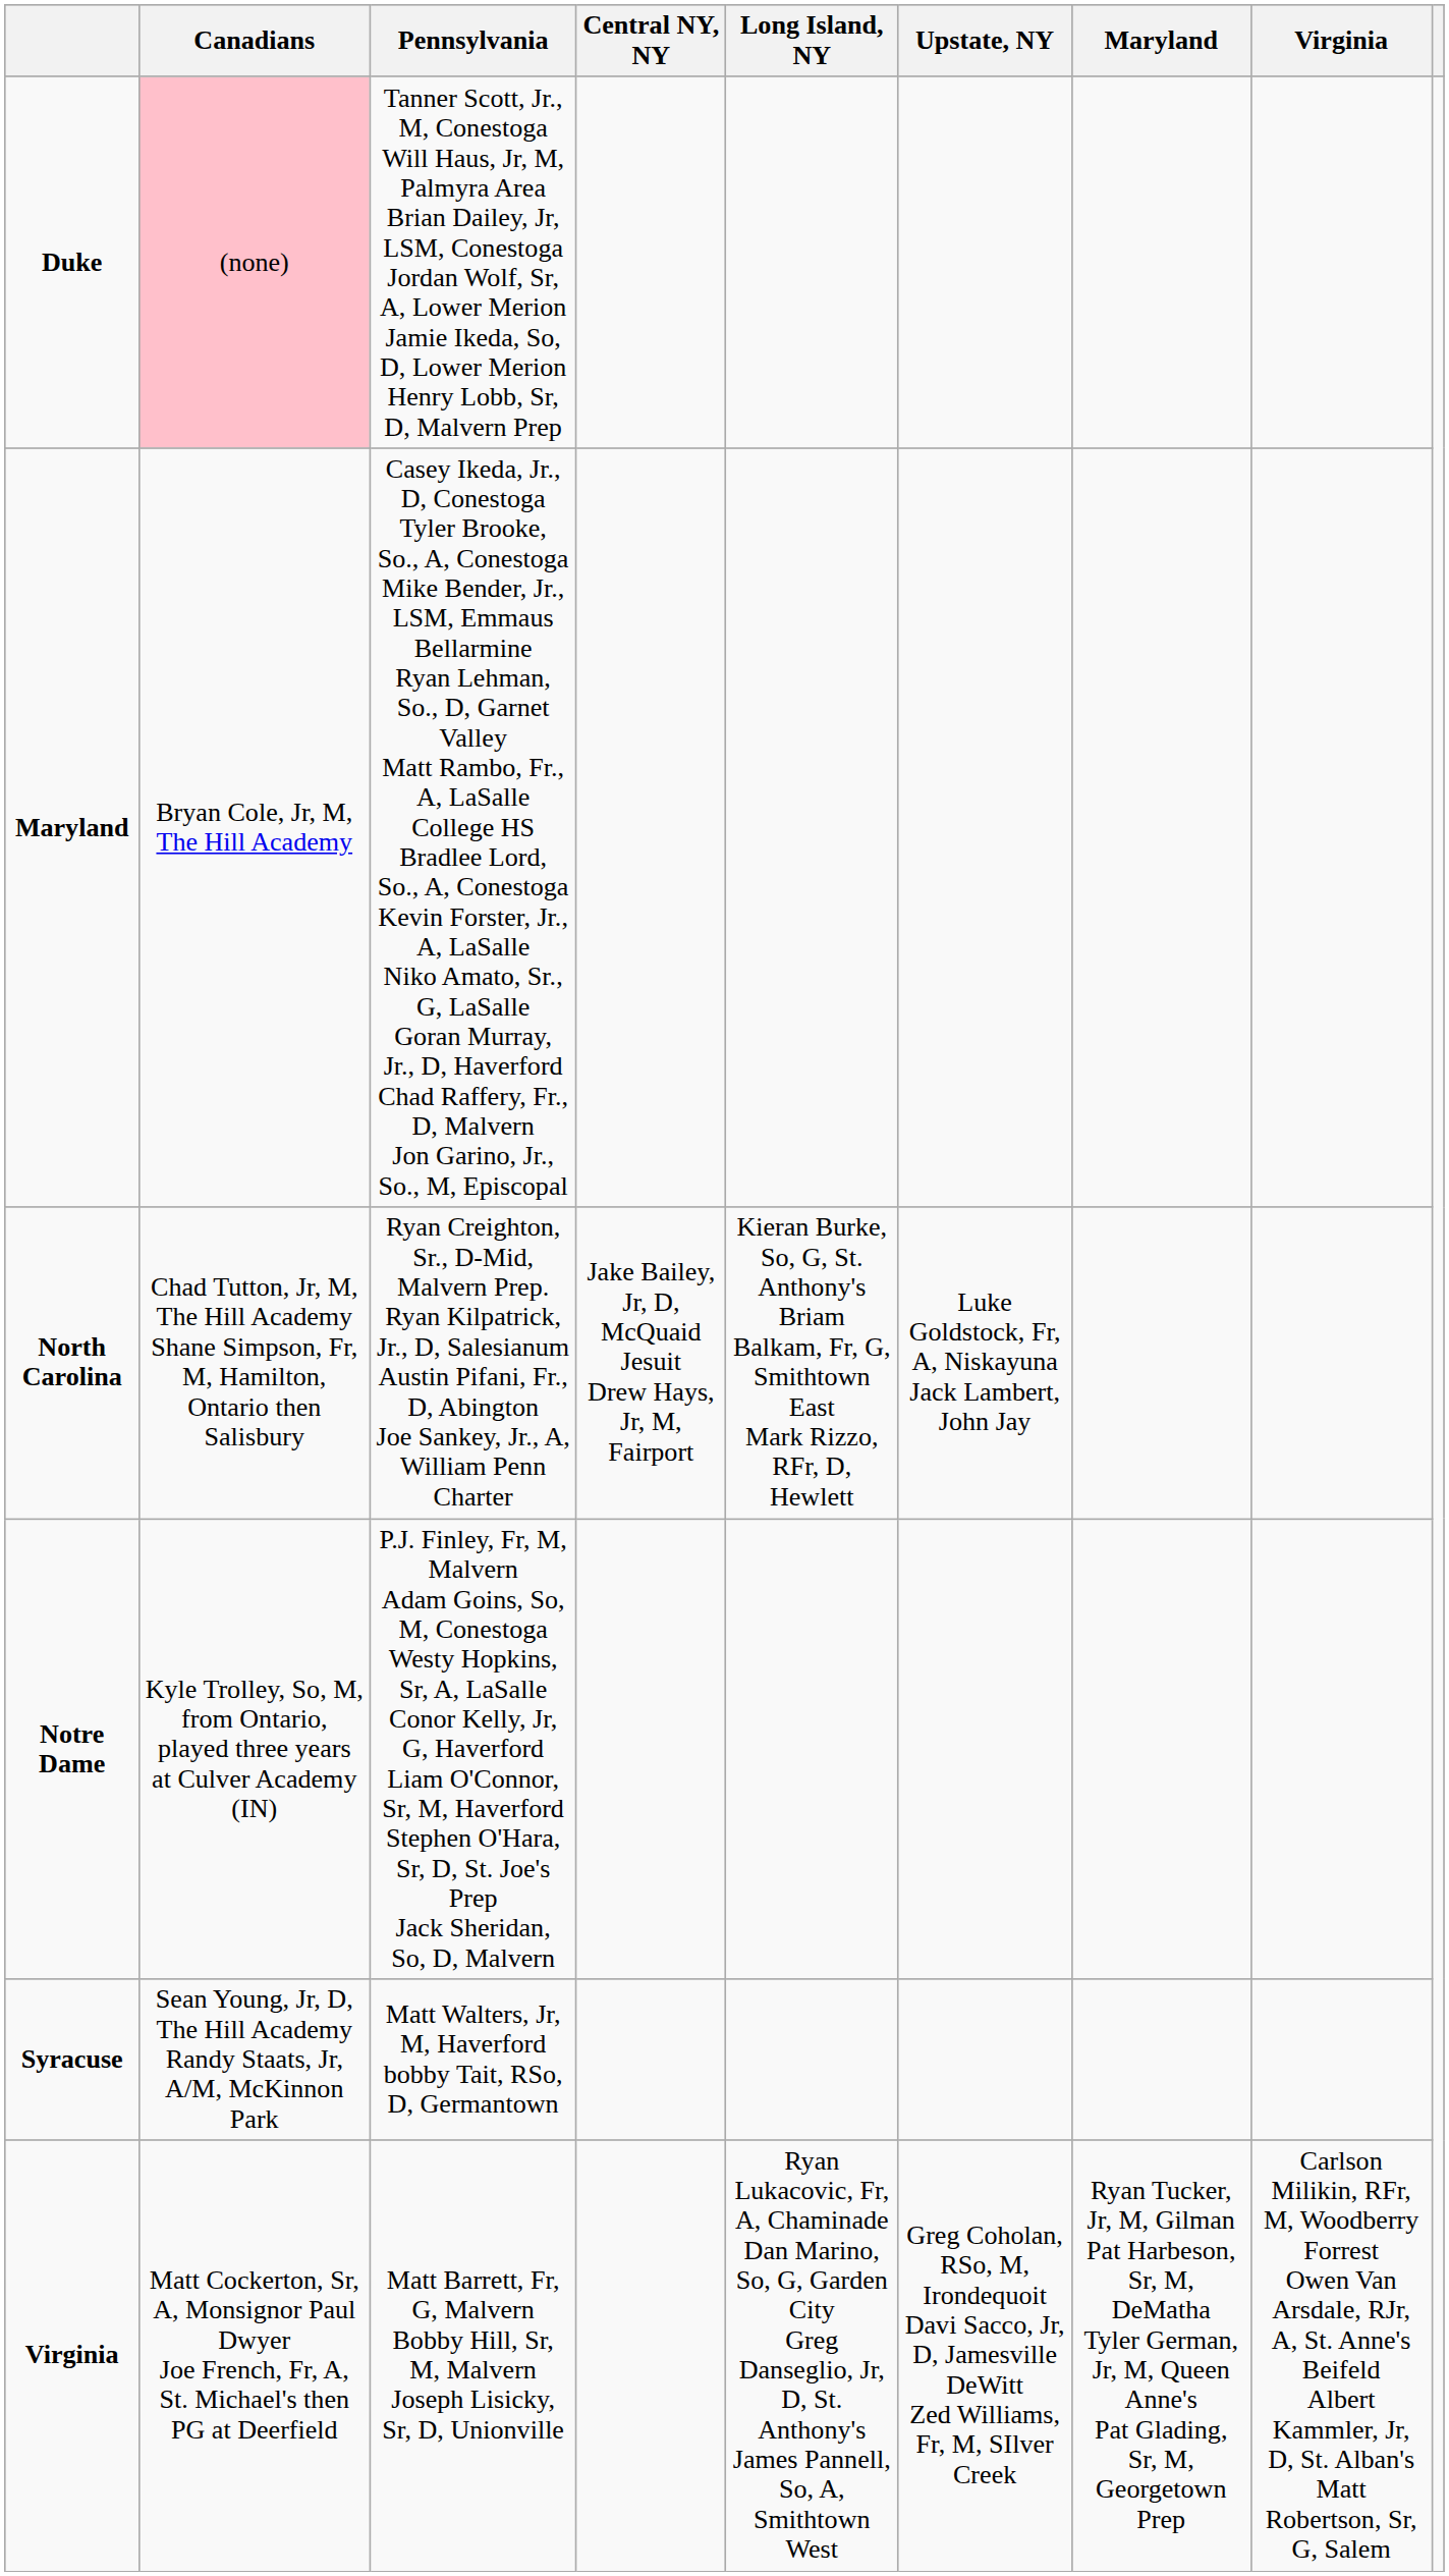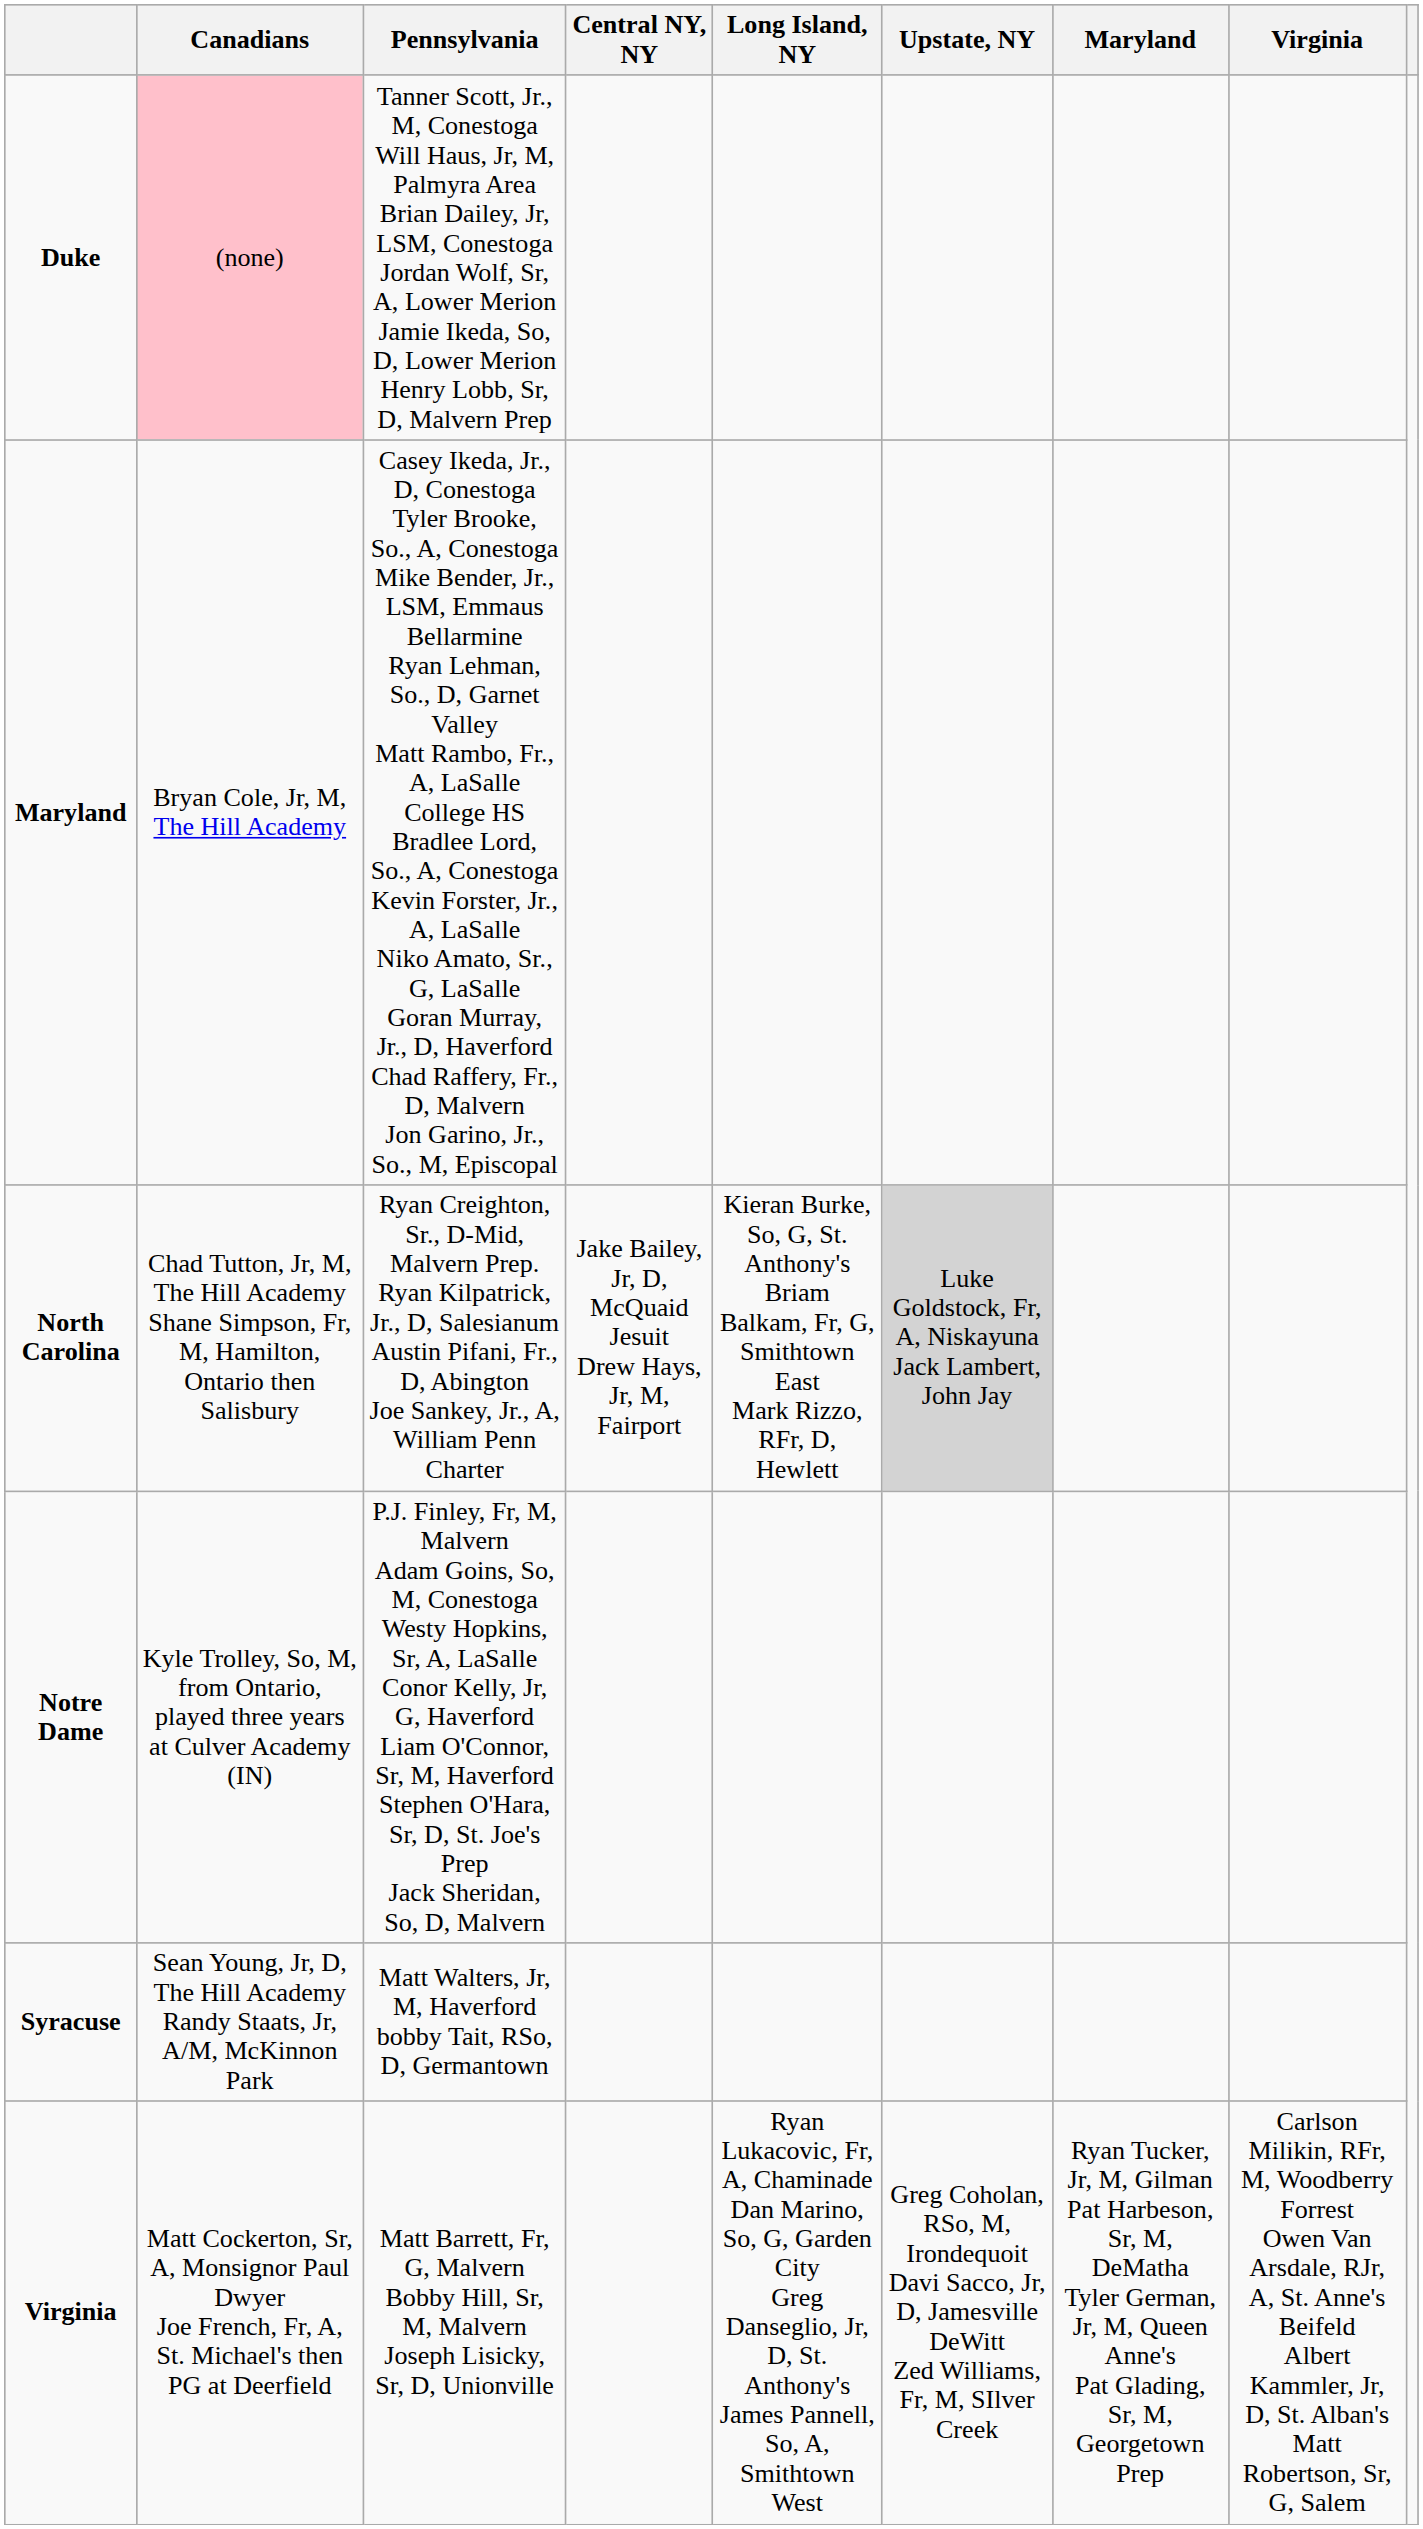 <table class="wikitable" style="text-align:center">
 <tr>
 <th></th>
 <th>Canadians</th>
 <th>Pennsylvania</th>
 <th>Central NY, NY</th>
 <th>Long Island, NY</th>
 <th>Upstate, NY</th>
 <th>Maryland</th>
 <th>Virginia</th>
 <th></th>
 </tr>
 <tr>
 <td><strong>Duke</strong></td>
 <td style="background: pink;">(none)</td>
 <td>Tanner Scott, Jr., M, Conestoga<br>Will Haus, Jr, M, Palmyra Area<br>Brian Dailey, Jr, LSM, Conestoga<br>Jordan Wolf, Sr, A, Lower Merion<br>Jamie Ikeda, So, D, Lower Merion<br>Henry Lobb, Sr, D, Malvern Prep</td>
 <td></td>
 <td></td>
 <td></td>
 <td></td>
 <td></td>
 </tr>
 <tr>
 <td><strong>Maryland</strong></td>
 <td>Bryan Cole, Jr, M, <a href='#'>The Hill Academy</a></td>
 <td>Casey Ikeda, Jr., D, Conestoga<br>Tyler Brooke, So., A, Conestoga<br>Mike Bender, Jr., LSM, Emmaus Bellarmine<br>Ryan Lehman, So., D, Garnet Valley<br>Matt Rambo, Fr., A, LaSalle College HS<br>Bradlee Lord, So., A, Conestoga<br>Kevin Forster, Jr., A, LaSalle<br>Niko Amato, Sr., G, LaSalle<br>Goran Murray, Jr., D, Haverford<br>Chad Raffery, Fr., D, Malvern<br>Jon Garino, Jr., So., M, Episcopal</td>
 <td></td>
 <td></td>
 <td></td>
 <td></td>
 <td></td>
 </tr>
 <tr>
 <td><strong>North Carolina</strong></td>
 <td>Chad Tutton, Jr, M, The Hill Academy<br>Shane Simpson, Fr, M, Hamilton, Ontario then Salisbury</td>
 <td>Ryan Creighton, Sr., D-Mid, Malvern Prep.<br>Ryan Kilpatrick, Jr., D, Salesianum<br>Austin Pifani, Fr., D, Abington<br>Joe Sankey, Jr., A, William Penn Charter</td>
 <td>Jake Bailey, Jr, D, McQuaid Jesuit<br>Drew Hays, Jr, M, Fairport</td>
 <td>Kieran Burke, So, G, St. Anthony's<br>Briam Balkam, Fr, G, Smithtown East<br>Mark Rizzo, RFr, D, Hewlett</td>
-<td>Luke Goldstock, Fr, A, Niskayuna<br>Jack Lambert, John Jay</td>
+<td style="background: lightgrey;">Luke Goldstock, Fr, A, Niskayuna<br>Jack Lambert, John Jay</td>
 <td></td>
 <td></td>
 </tr>
 <tr>
 <td><strong>Notre Dame</strong></td>
 <td>Kyle Trolley, So, M, from Ontario, played three years at Culver Academy (IN)</td>
 <td>P.J. Finley, Fr, M, Malvern<br>Adam Goins, So, M, Conestoga<br>Westy Hopkins, Sr, A, LaSalle<br>Conor Kelly, Jr, G, Haverford<br>Liam O'Connor, Sr, M, Haverford<br>Stephen O'Hara, Sr, D, St. Joe's Prep<br>Jack Sheridan, So, D, Malvern</td>
 <td></td>
 <td></td>
 <td></td>
 <td></td>
 <td></td>
 </tr>
 <tr>
 <td><strong>Syracuse</strong></td>
 <td>Sean Young, Jr, D, The Hill Academy<br>Randy Staats, Jr, A/M, McKinnon Park</td>
 <td>Matt Walters, Jr, M, Haverford<br>bobby Tait, RSo, D, Germantown</td>
 <td></td>
 <td></td>
 <td></td>
 <td></td>
 <td></td>
 </tr>
 <tr>
 <td><strong>Virginia</strong></td>
 <td>Matt Cockerton, Sr, A, Monsignor Paul Dwyer<br>Joe French, Fr, A, St. Michael's then PG at Deerfield</td>
 <td>Matt Barrett, Fr, G, Malvern<br>Bobby Hill, Sr, M, Malvern<br>Joseph Lisicky, Sr, D, Unionville</td>
 <td></td>
 <td>Ryan Lukacovic, Fr, A, Chaminade<br>Dan Marino, So, G, Garden City<br>Greg Danseglio, Jr, D, St. Anthony's<br>James Pannell, So, A, Smithtown West</td>
 <td>Greg Coholan, RSo, M, Irondequoit<br>Davi Sacco, Jr, D, Jamesville DeWitt<br>Zed Williams, Fr, M, SIlver Creek</td>
 <td>Ryan Tucker, Jr, M, Gilman<br>Pat Harbeson, Sr, M, DeMatha<br>Tyler German, Jr, M, Queen Anne's<br>Pat Glading, Sr, M, Georgetown Prep</td>
 <td>Carlson Milikin, RFr, M, Woodberry Forrest<br>Owen Van Arsdale, RJr, A, St. Anne's Beifeld<br>Albert Kammler, Jr, D, St. Alban's<br>Matt Robertson, Sr, G, Salem</td>
 </tr>
 </table>
